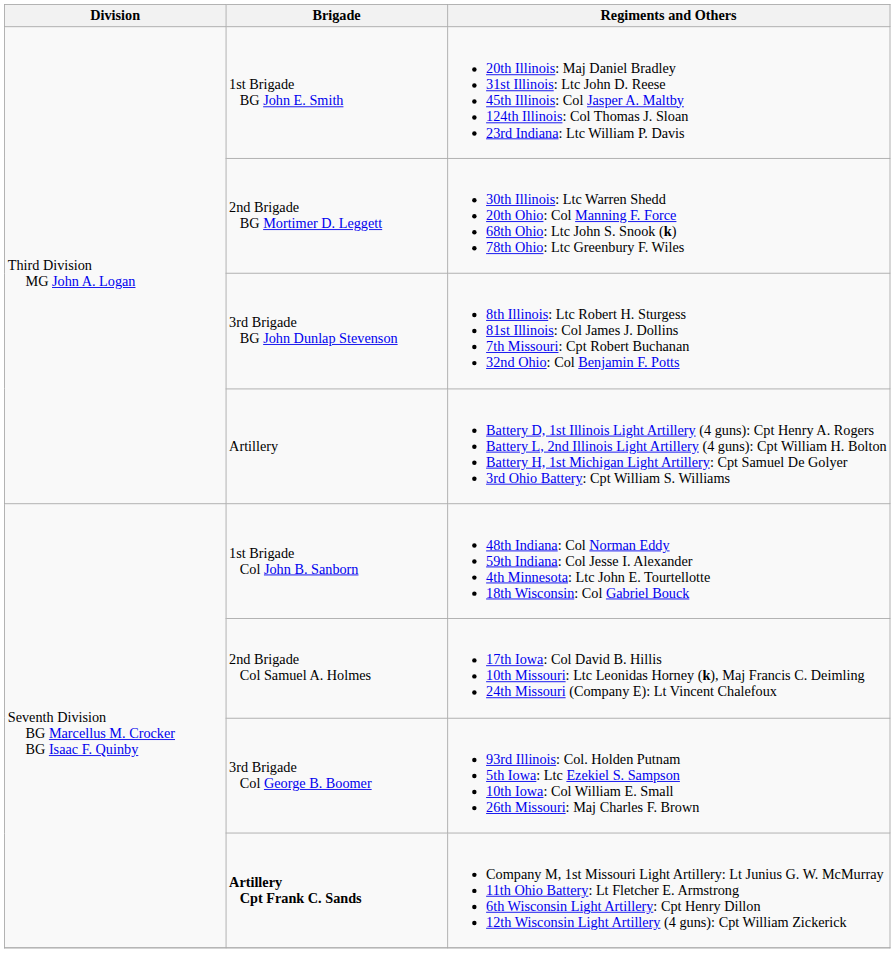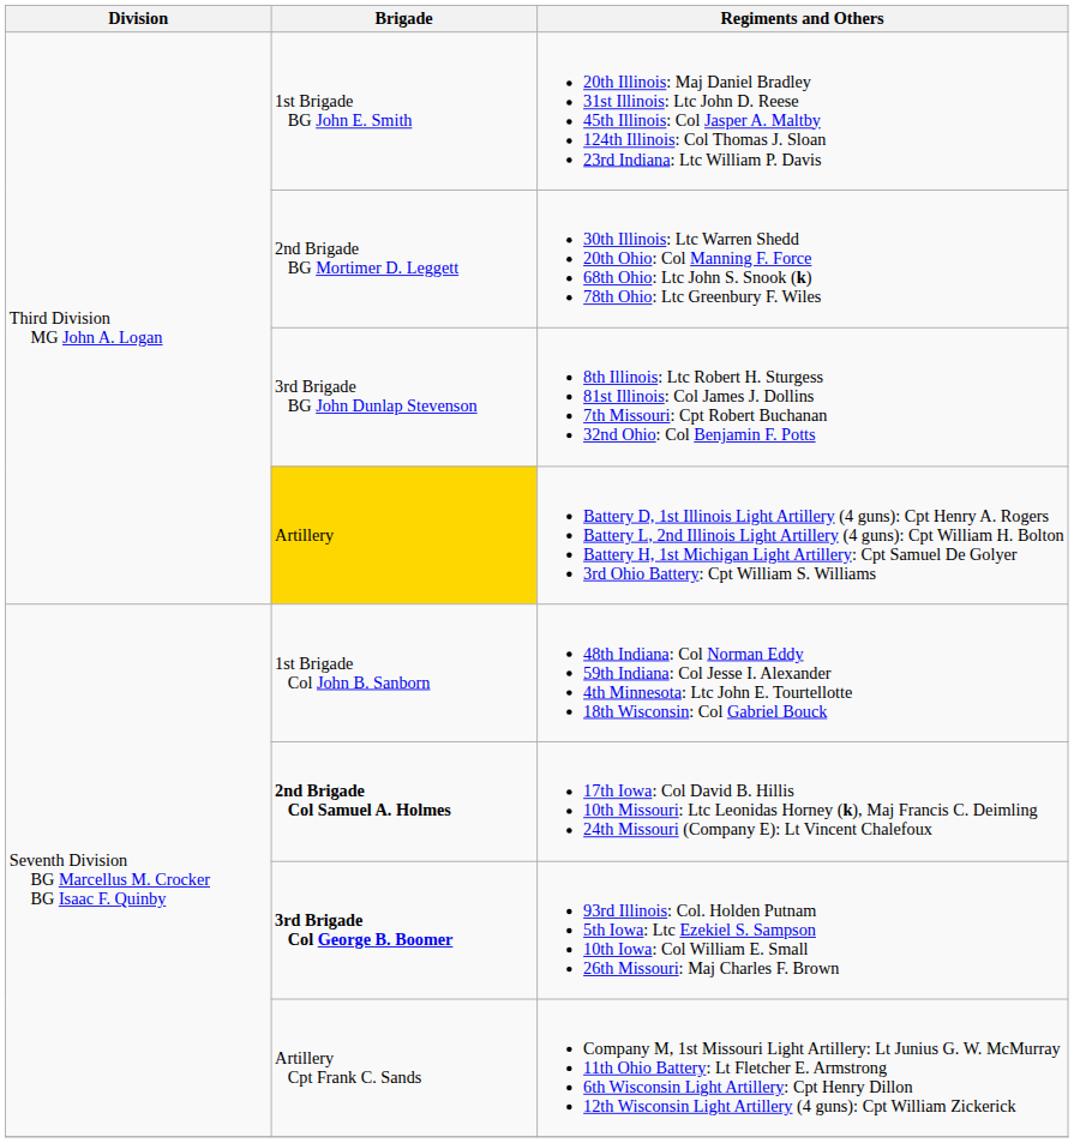 <table class="wikitable">
 <tr>
 <th width=25%>Division</th>
 <th width=25%>Brigade</th>
 <th>Regiments and Others</th>
 </tr>
 <tr>
 <td rowspan=4><br>Third Division <br>     MG <a href='#'>John A. Logan</a></td>
 <td>1st Brigade<br>   BG <a href='#'>John E. Smith</a></td>
 <td><br><ul><li><a href='#'>20th Illinois</a>: Maj Daniel Bradley</li><li><a href='#'>31st Illinois</a>: Ltc John D. Reese</li><li><a href='#'>45th Illinois</a>: Col <a href='#'>Jasper A. Maltby</a></li><li><a href='#'>124th Illinois</a>: Col Thomas J. Sloan</li><li><a href='#'>23rd Indiana</a>: Ltc William P. Davis</li></ul></td>
 </tr>
 <tr>
 <td>2nd Brigade<br>   BG <a href='#'>Mortimer D. Leggett</a></td>
 <td><br><ul><li><a href='#'>30th Illinois</a>: Ltc Warren Shedd</li><li><a href='#'>20th Ohio</a>: Col <a href='#'>Manning F. Force</a></li><li><a href='#'>68th Ohio</a>: Ltc John S. Snook (<strong>k</strong>)</li><li><a href='#'>78th Ohio</a>: Ltc Greenbury F. Wiles</li></ul></td>
 </tr>
 <tr>
 <td>3rd Brigade<br>   BG <a href='#'>John Dunlap Stevenson</a></td>
 <td><br><ul><li><a href='#'>8th Illinois</a>: Ltc Robert H. Sturgess</li><li><a href='#'>81st Illinois</a>: Col James J. Dollins</li><li><a href='#'>7th Missouri</a>: Cpt Robert Buchanan</li><li><a href='#'>32nd Ohio</a>: Col <a href='#'>Benjamin F. Potts</a></li></ul></td>
 </tr>
 <tr>
-<td>Artillery</td>
+<td style="background: gold;">Artillery</td>
 <td><br><ul><li><a href='#'>Battery D, 1st Illinois Light Artillery</a> (4 guns): Cpt Henry A. Rogers</li><li><a href='#'>Battery L, 2nd Illinois Light Artillery</a> (4 guns): Cpt William H. Bolton</li><li><a href='#'>Battery H, 1st Michigan Light Artillery</a>: Cpt Samuel De Golyer</li><li><a href='#'>3rd Ohio Battery</a>: Cpt William S. Williams</li></ul></td>
 </tr>
 <tr>
 <td rowspan=4><br>Seventh Division <br>     BG <a href='#'>Marcellus M. Crocker</a><br>     BG <a href='#'>Isaac F. Quinby</a></td>
 <td>1st Brigade<br>   Col <a href='#'>John B. Sanborn</a></td>
 <td><br><ul><li><a href='#'>48th Indiana</a>: Col <a href='#'>Norman Eddy</a></li><li><a href='#'>59th Indiana</a>: Col Jesse I. Alexander</li><li><a href='#'>4th Minnesota</a>: Ltc John E. Tourtellotte</li><li><a href='#'>18th Wisconsin</a>: Col <a href='#'>Gabriel Bouck</a></li></ul></td>
 </tr>
 <tr>
-<td>2nd Brigade<br>   Col Samuel A. Holmes</td>
+<td><strong>2nd Brigade<br>   Col Samuel A. Holmes</strong></td>
 <td><br><ul><li><a href='#'>17th Iowa</a>: Col David B. Hillis</li><li><a href='#'>10th Missouri</a>: Ltc Leonidas Horney (<strong>k</strong>), Maj Francis C. Deimling</li><li><a href='#'>24th Missouri</a> (Company E): Lt Vincent Chalefoux</li></ul></td>
 </tr>
 <tr>
-<td>3rd Brigade<br>   Col <a href='#'>George B. Boomer</a></td>
+<td><strong>3rd Brigade<br>   Col <a href='#'>George B. Boomer</a></strong></td>
 <td><br><ul><li><a href='#'>93rd Illinois</a>: Col. Holden Putnam</li><li><a href='#'>5th Iowa</a>: Ltc <a href='#'>Ezekiel S. Sampson</a></li><li><a href='#'>10th Iowa</a>: Col William E. Small</li><li><a href='#'>26th Missouri</a>: Maj Charles F. Brown</li></ul></td>
 </tr>
 <tr>
-<td><strong>Artillery<br>   Cpt Frank C. Sands</strong></td>
+<td>Artillery<br>   Cpt Frank C. Sands</td>
 <td><br><ul><li>Company M, 1st Missouri Light Artillery: Lt Junius G. W. McMurray</li><li><a href='#'>11th Ohio Battery</a>: Lt Fletcher E. Armstrong</li><li><a href='#'>6th Wisconsin Light Artillery</a>: Cpt Henry Dillon</li><li><a href='#'>12th Wisconsin Light Artillery</a> (4 guns): Cpt William Zickerick</li></ul></td>
 </tr>
 <tr>
 </tr>
 </table>
